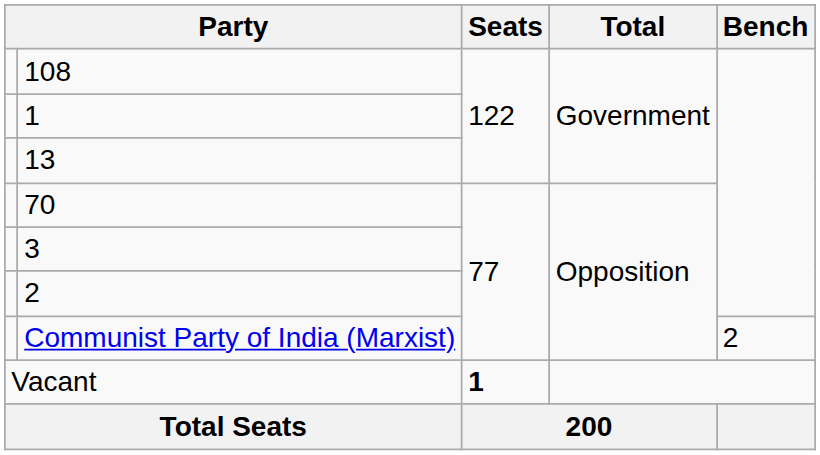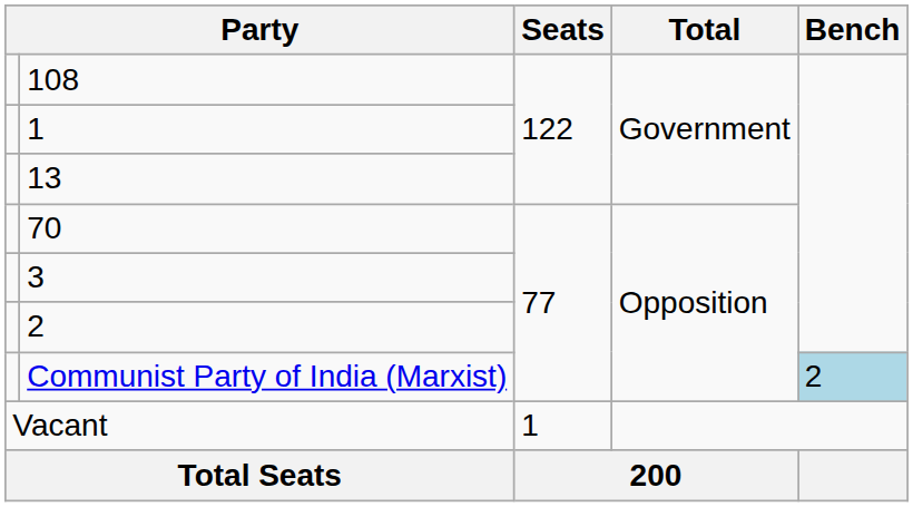 <table class="wikitable sortable">
 <tr>
 <th colspan="2">Party</th>
 <th>Seats</th>
 <th>Total</th>
 <th>Bench</th>
 </tr>
 <tr>
 <td></td>
 <td>108</td>
 <td rowspan=3>122</td>
 <td rowspan=3>Government</td>
 </tr>
 <tr>
 <td></td>
 <td>1</td>
 </tr>
 <tr>
 <td></td>
 <td>13</td>
 </tr>
 <tr>
 <td></td>
 <td>70</td>
 <td rowspan=4>77</td>
 <td rowspan=4>Opposition</td>
 </tr>
 <tr>
 <td></td>
 <td>3</td>
 </tr>
 <tr>
 <td></td>
 <td>2</td>
 </tr>
 <tr>
 <td bgcolor=></td>
 <td><a href='#'>Communist Party of India (Marxist)</a></td>
-<td>2</td>
+<td style="background: lightblue;">2</td>
 </tr>
 <tr>
 <td colspan=2>Vacant</td>
-<td><strong>1</strong></td>
+<td>1</td>
 </tr>
 <tr>
 <th colspan="2">Total Seats</th>
 <th colspan="2">200</th>
 <th></th>
 </tr>
 </table>
